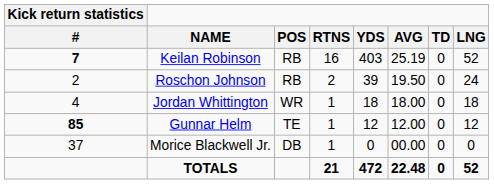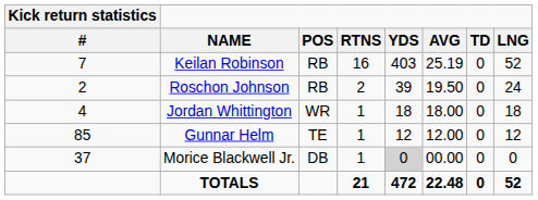 <table style="text-align:center;" class="wikitable">
 <tr>
 <th style="text-align:center; ">Kick return statistics</th>
 </tr>
 <tr>
 <th>#</th>
 <th>NAME</th>
 <th>POS</th>
 <th>RTNS</th>
 <th>YDS</th>
 <th>AVG</th>
 <th>TD</th>
 <th>LNG</th>
 </tr>
 <tr>
-<td><strong>7</strong></td>
+<td>7</td>
 <td><a href='#'>Keilan Robinson</a></td>
 <td>RB</td>
 <td>16</td>
 <td>403</td>
 <td>25.19</td>
 <td>0</td>
 <td>52</td>
 </tr>
 <tr>
 <td>2</td>
 <td><a href='#'>Roschon Johnson</a></td>
 <td>RB</td>
 <td>2</td>
 <td>39</td>
 <td>19.50</td>
 <td>0</td>
 <td>24</td>
 </tr>
 <tr>
 <td>4</td>
 <td><a href='#'>Jordan Whittington</a></td>
 <td>WR</td>
 <td>1</td>
 <td>18</td>
 <td>18.00</td>
 <td>0</td>
 <td>18</td>
 </tr>
 <tr>
-<td><strong>85</strong></td>
+<td>85</td>
 <td><a href='#'>Gunnar Helm</a></td>
 <td>TE</td>
 <td>1</td>
 <td>12</td>
 <td>12.00</td>
 <td>0</td>
 <td>12</td>
 </tr>
 <tr>
 <td>37</td>
 <td>Morice Blackwell Jr.</td>
 <td>DB</td>
 <td>1</td>
-<td>0</td>
+<td style="background: lightgrey;">0</td>
 <td>00.00</td>
 <td>0</td>
 <td>0</td>
 </tr>
 <tr>
 <td></td>
 <td><strong>TOTALS</strong></td>
 <td></td>
 <td><strong>21</strong></td>
 <td><strong>472</strong></td>
 <td><strong>22.48</strong></td>
 <td><strong>0</strong></td>
 <td><strong>52</strong></td>
 </tr>
 </table>
